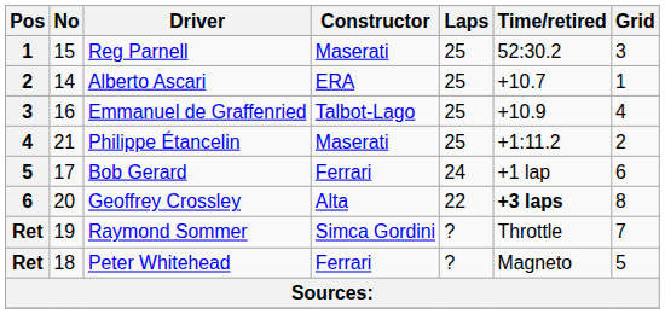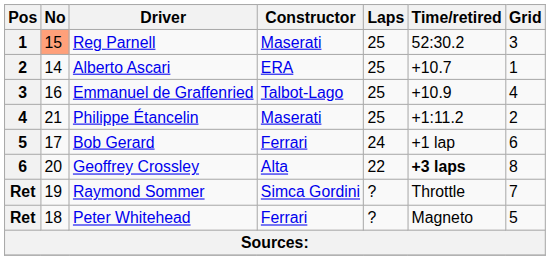 <table class="wikitable" style="font-size: 95%;">
 <tr>
 <th>Pos</th>
 <th>No</th>
 <th>Driver</th>
 <th>Constructor</th>
 <th>Laps</th>
 <th>Time/retired</th>
 <th>Grid</th>
 </tr>
 <tr>
 <th>1</th>
-<td>15</td>
+<td style="background: lightsalmon;">15</td>
 <td> <a href='#'>Reg Parnell</a></td>
 <td><a href='#'>Maserati</a></td>
 <td>25</td>
 <td>52:30.2</td>
 <td>3</td>
 </tr>
 <tr>
 <th>2</th>
 <td>14</td>
 <td> <a href='#'>Alberto Ascari</a></td>
 <td><a href='#'>ERA</a></td>
 <td>25</td>
 <td>+10.7</td>
 <td>1</td>
 </tr>
 <tr>
 <th>3</th>
 <td>16</td>
 <td> <a href='#'>Emmanuel de Graffenried</a></td>
 <td><a href='#'>Talbot-Lago</a></td>
 <td>25</td>
 <td>+10.9</td>
 <td>4</td>
 </tr>
 <tr>
 <th>4</th>
 <td>21</td>
 <td> <a href='#'>Philippe Étancelin</a></td>
 <td><a href='#'>Maserati</a></td>
 <td>25</td>
 <td>+1:11.2</td>
 <td>2</td>
 </tr>
 <tr>
 <th>5</th>
 <td>17</td>
 <td> <a href='#'>Bob Gerard</a></td>
 <td><a href='#'>Ferrari</a></td>
 <td>24</td>
 <td>+1 lap</td>
 <td>6</td>
 </tr>
 <tr>
 <th>6</th>
 <td>20</td>
 <td> <a href='#'>Geoffrey Crossley</a></td>
 <td><a href='#'>Alta</a></td>
 <td>22</td>
 <td><strong>+3 laps</strong></td>
 <td>8</td>
 </tr>
 <tr>
 <th>Ret</th>
 <td>19</td>
 <td> <a href='#'>Raymond Sommer</a></td>
 <td><a href='#'>Simca Gordini</a></td>
 <td>?</td>
 <td>Throttle</td>
 <td>7</td>
 </tr>
 <tr>
 <th>Ret</th>
 <td>18</td>
 <td> <a href='#'>Peter Whitehead</a></td>
 <td><a href='#'>Ferrari</a></td>
 <td>?</td>
 <td>Magneto</td>
 <td>5</td>
 </tr>
 <tr style="background-color:#E5E4E2" align="center">
 <th colspan=7>Sources:</th>
 </tr>
 <tr>
 </tr>
 </table>
